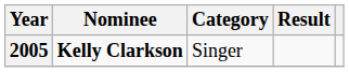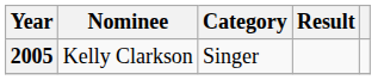 <table class="wikitable plainrowheaders">
 <tr>
 <th>Year</th>
 <th>Nominee</th>
 <th>Category</th>
 <th>Result</th>
 <th></th>
 </tr>
 <tr>
 <th scope="row" align="center">2005</th>
-<td><strong>Kelly Clarkson</strong></td>
+<td>Kelly Clarkson</td>
 <td>Singer</td>
 <td></td>
 <td align="center"></td>
 </tr>
 <tr>
 </tr>
 </table>
